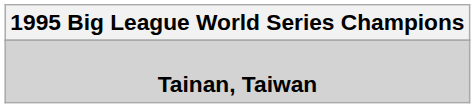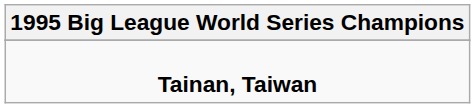 <table class="wikitable" style="text-align: center; margin: 0 auto;">
 <tr>
 <th>1995 Big League World Series Champions</th>
 </tr>
 <tr>
 </tr>
 <tr>
-<td style="background: lightgrey;"><br><strong>Tainan, Taiwan</strong></td>
+<td><br><strong>Tainan, Taiwan</strong></td>
 </tr>
 </table>
